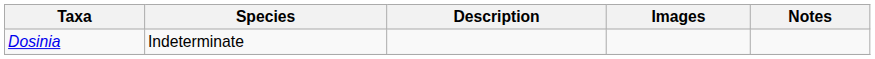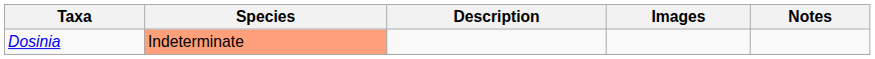 <table class="wikitable"  style="margin:auto; width:100%;">
 <tr>
 <th>Taxa</th>
 <th>Species</th>
 <th>Description</th>
 <th>Images</th>
 <th class=unsortable>Notes</th>
 </tr>
 <tr>
 <td><em><a href='#'>Dosinia</a></em></td>
-<td>Indeterminate</td>
+<td style="background: lightsalmon;">Indeterminate</td>
 <td></td>
 <td></td>
 <td></td>
 </tr>
 <tr>
 </tr>
 </table>
